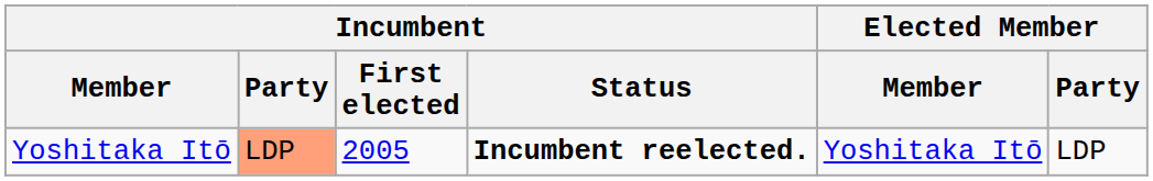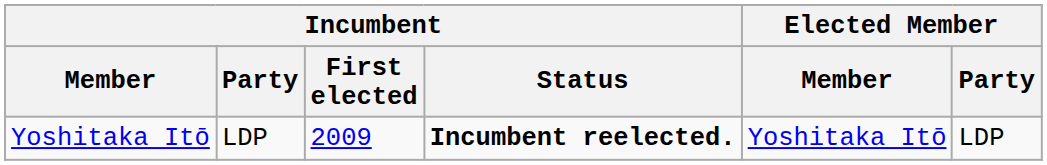 <table class="wikitable sortable">
 <tr>
 <th colspan=4>Incumbent</th>
 <th colspan=2>Elected Member</th>
 </tr>
 <tr>
 <th>Member</th>
 <th>Party</th>
 <th>First<br>elected</th>
 <th>Status</th>
 <th>Member</th>
 <th>Party</th>
 </tr>
 <tr>
 <td><a href='#'>Yoshitaka Itō</a></td>
-<td style="background: lightsalmon;">LDP</td>
-<td><a href='#'>2005</a></td>
+<td>LDP</td>
+<td><a href='#'>2009</a></td>
 <td><strong>Incumbent reelected.</strong></td>
 <td><a href='#'>Yoshitaka Itō</a></td>
 <td>LDP</td>
 </tr>
 </table>
